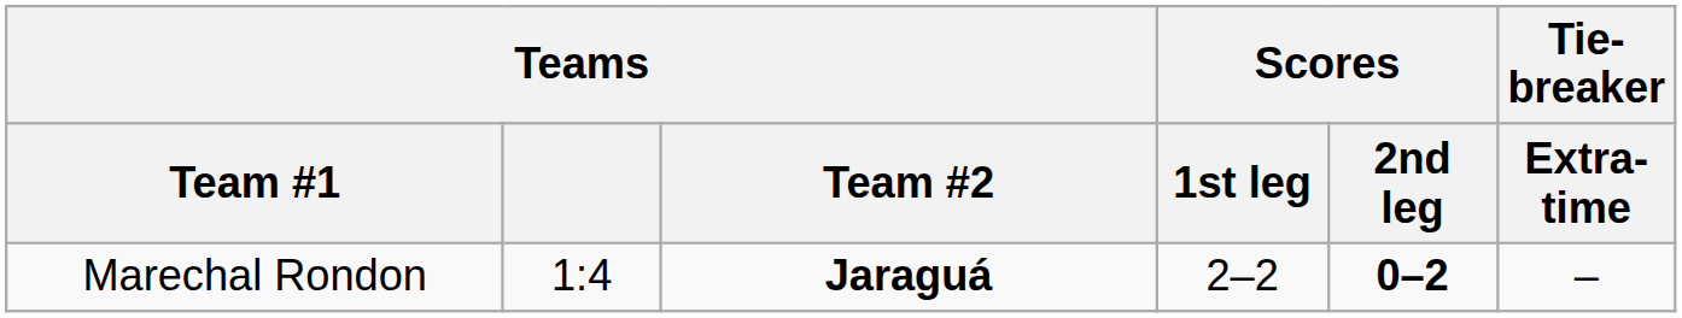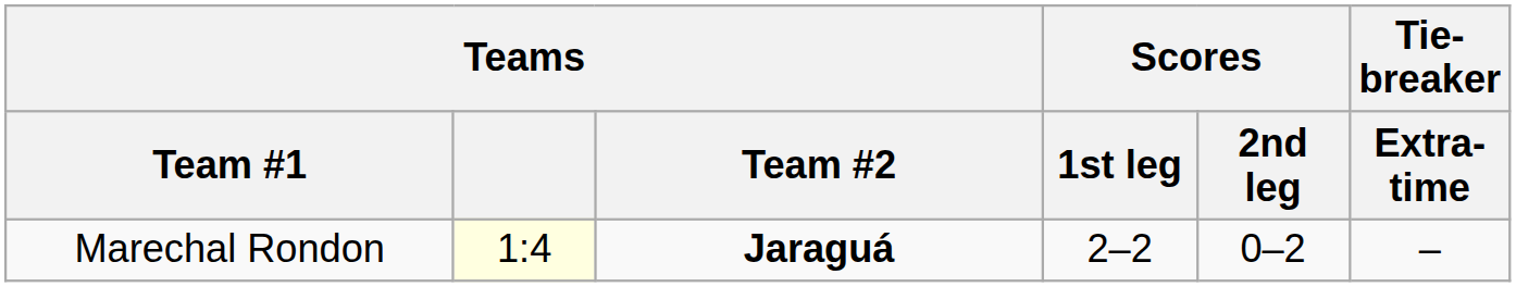 <table class="wikitable" style="text-align: center;">
 <tr>
 <th colspan=3>Teams</th>
 <th colspan=2>Scores</th>
 <th colspan=1>Tie-breaker</th>
 </tr>
 <tr>
 <th width="175">Team #1</th>
 <th width="50"></th>
 <th width="175">Team #2</th>
 <th width="55">1st leg</th>
 <th width="55">2nd leg</th>
 <th width="50">Extra-time</th>
 </tr>
 <tr>
 <td align=center>Marechal Rondon</td>
-<td>1:4</td>
+<td style="background: lightyellow;">1:4</td>
 <td align=center><strong>Jaraguá</strong></td>
 <td>2–2</td>
-<td><strong>0–2</strong></td>
+<td>0–2</td>
 <td>–</td>
 </tr>
 </table>
